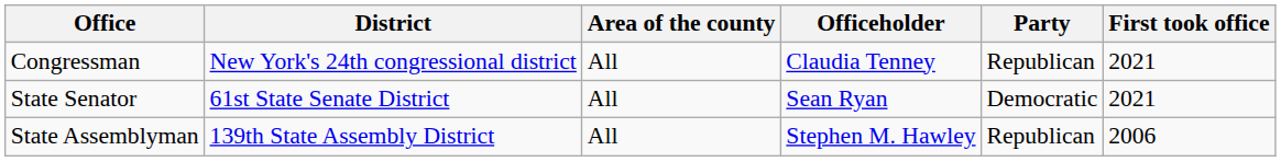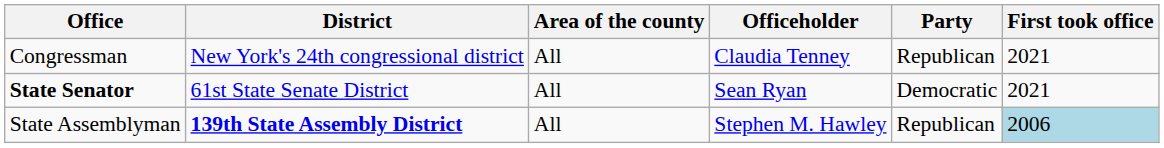 <table class="wikitable sortable">
 <tr>
 <th>Office</th>
 <th>District</th>
 <th>Area of the county</th>
 <th>Officeholder</th>
 <th>Party</th>
 <th>First took office</th>
 </tr>
 <tr>
 <td>Congressman</td>
 <td><a href='#'>New York's 24th congressional district</a></td>
 <td>All</td>
 <td><a href='#'>Claudia Tenney</a></td>
 <td>Republican</td>
 <td>2021</td>
 </tr>
 <tr>
-<td>State Senator</td>
+<td><strong>State Senator</strong></td>
 <td><a href='#'>61st State Senate District</a></td>
 <td>All</td>
 <td><a href='#'>Sean Ryan</a></td>
 <td>Democratic</td>
 <td>2021</td>
 </tr>
 <tr>
 <td>State Assemblyman</td>
-<td><a href='#'>139th State Assembly District</a></td>
+<td><strong><a href='#'>139th State Assembly District</a></strong></td>
 <td>All </td>
 <td><a href='#'>Stephen M. Hawley</a></td>
 <td>Republican</td>
-<td>2006</td>
+<td style="background: lightblue;">2006</td>
 </tr>
 </table>
